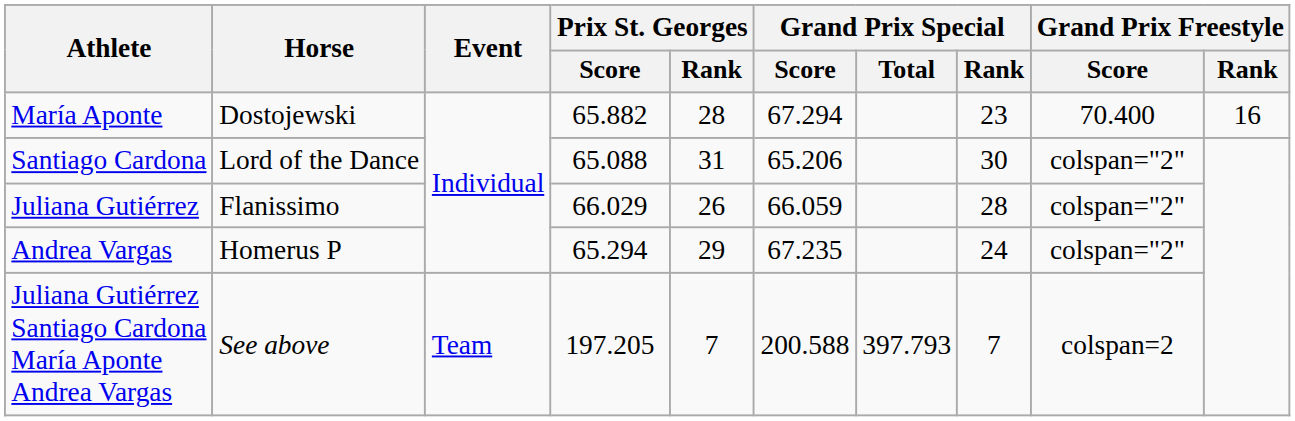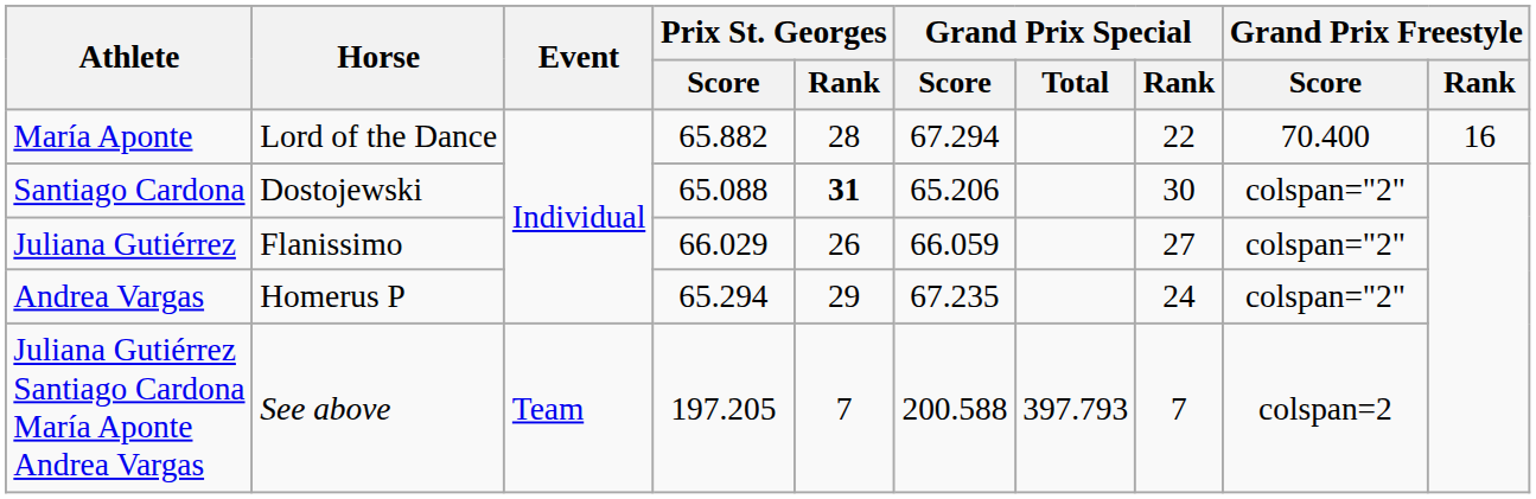 <table class=wikitable style=font-size:90%;text-align:center>
 <tr>
 <th rowspan=2>Athlete</th>
 <th rowspan=2>Horse</th>
 <th rowspan=2>Event</th>
 <th colspan=2>Prix St. Georges</th>
 <th colspan=3>Grand Prix Special</th>
 <th colspan=4>Grand Prix Freestyle</th>
 </tr>
 <tr style=font-size:95%>
 <th>Score</th>
 <th>Rank</th>
 <th>Score</th>
 <th>Total</th>
 <th>Rank</th>
 <th>Score</th>
 <th>Rank</th>
 </tr>
 <tr>
 <td align=left><a href='#'>María Aponte</a></td>
-<td align=left>Dostojewski</td>
+<td align=left>Lord of the Dance</td>
 <td align=left rowspan=4><a href='#'>Individual</a></td>
 <td>65.882</td>
 <td>28</td>
 <td>67.294</td>
 <td></td>
-<td>23</td>
+<td>22</td>
 <td>70.400</td>
 <td>16</td>
 </tr>
 <tr>
 <td align=left><a href='#'>Santiago Cardona</a></td>
-<td align=left>Lord of the Dance</td>
+<td align=left>Dostojewski</td>
 <td>65.088</td>
-<td>31</td>
+<td><strong>31</strong></td>
 <td>65.206</td>
 <td></td>
 <td>30</td>
 <td>colspan="2" </td>
 </tr>
 <tr>
 <td align=left><a href='#'>Juliana Gutiérrez</a></td>
 <td align=left>Flanissimo</td>
 <td>66.029</td>
 <td>26</td>
 <td>66.059</td>
 <td></td>
-<td>28</td>
+<td>27</td>
 <td>colspan="2" </td>
 </tr>
 <tr>
 <td align=left><a href='#'>Andrea Vargas</a></td>
 <td align=left>Homerus P</td>
 <td>65.294</td>
 <td>29</td>
 <td>67.235</td>
 <td></td>
 <td>24</td>
 <td>colspan="2" </td>
 </tr>
 <tr>
 <td align=left><a href='#'>Juliana Gutiérrez</a><br><a href='#'>Santiago Cardona</a><br><a href='#'>María Aponte</a><br><a href='#'>Andrea Vargas</a></td>
 <td align=left><em>See above</em></td>
 <td align=left><a href='#'>Team</a></td>
 <td>197.205</td>
 <td>7</td>
 <td>200.588</td>
 <td>397.793</td>
 <td>7</td>
 <td>colspan=2 </td>
 </tr>
 </table>
